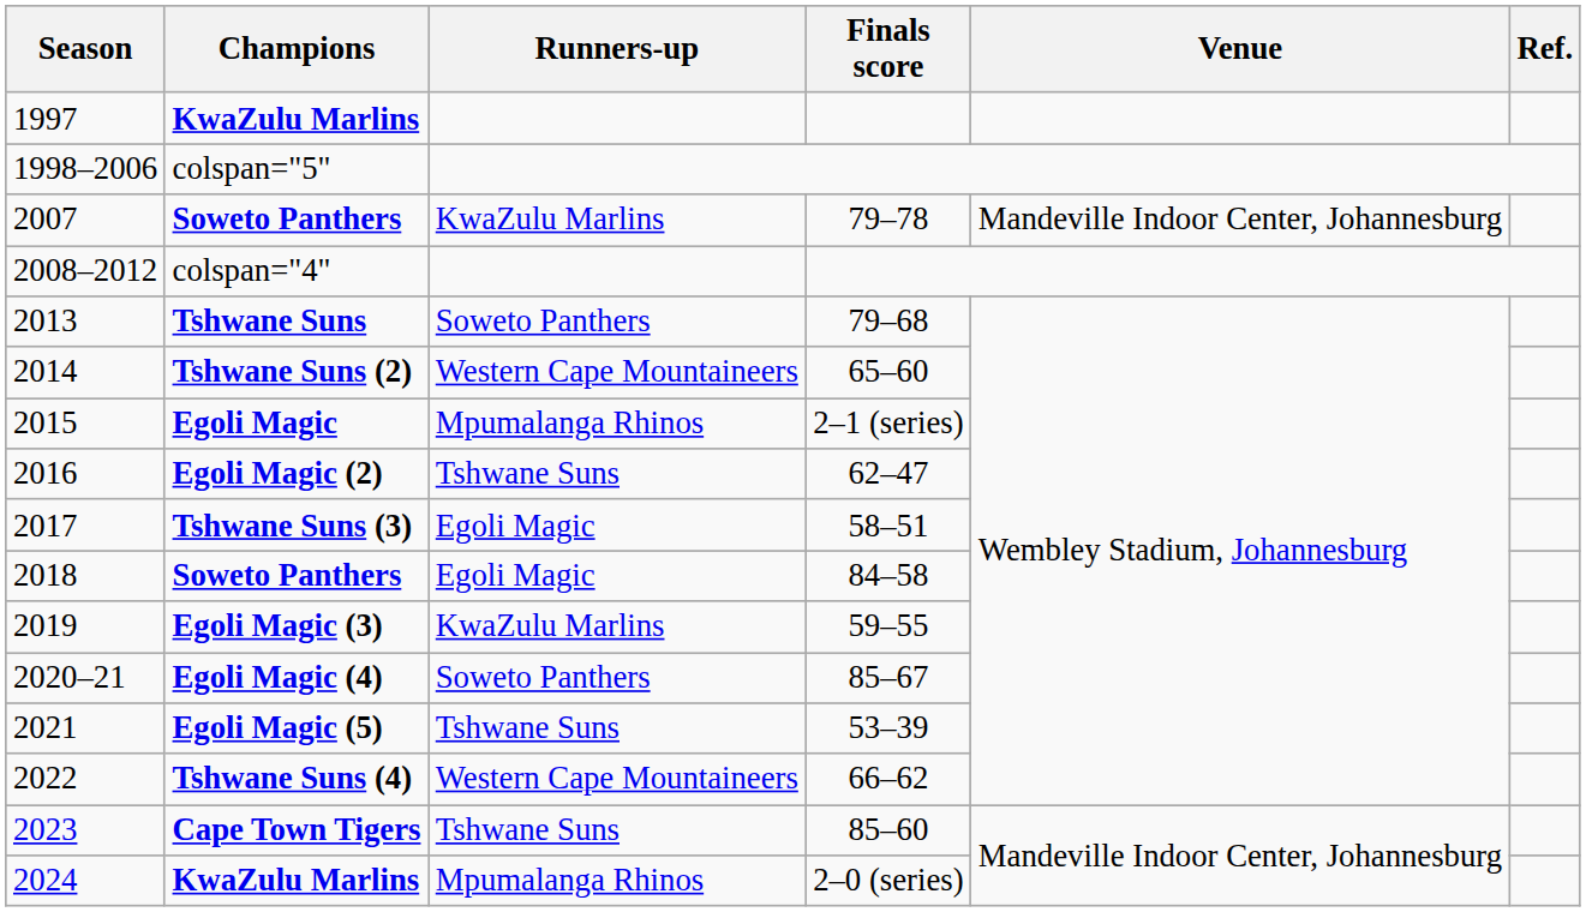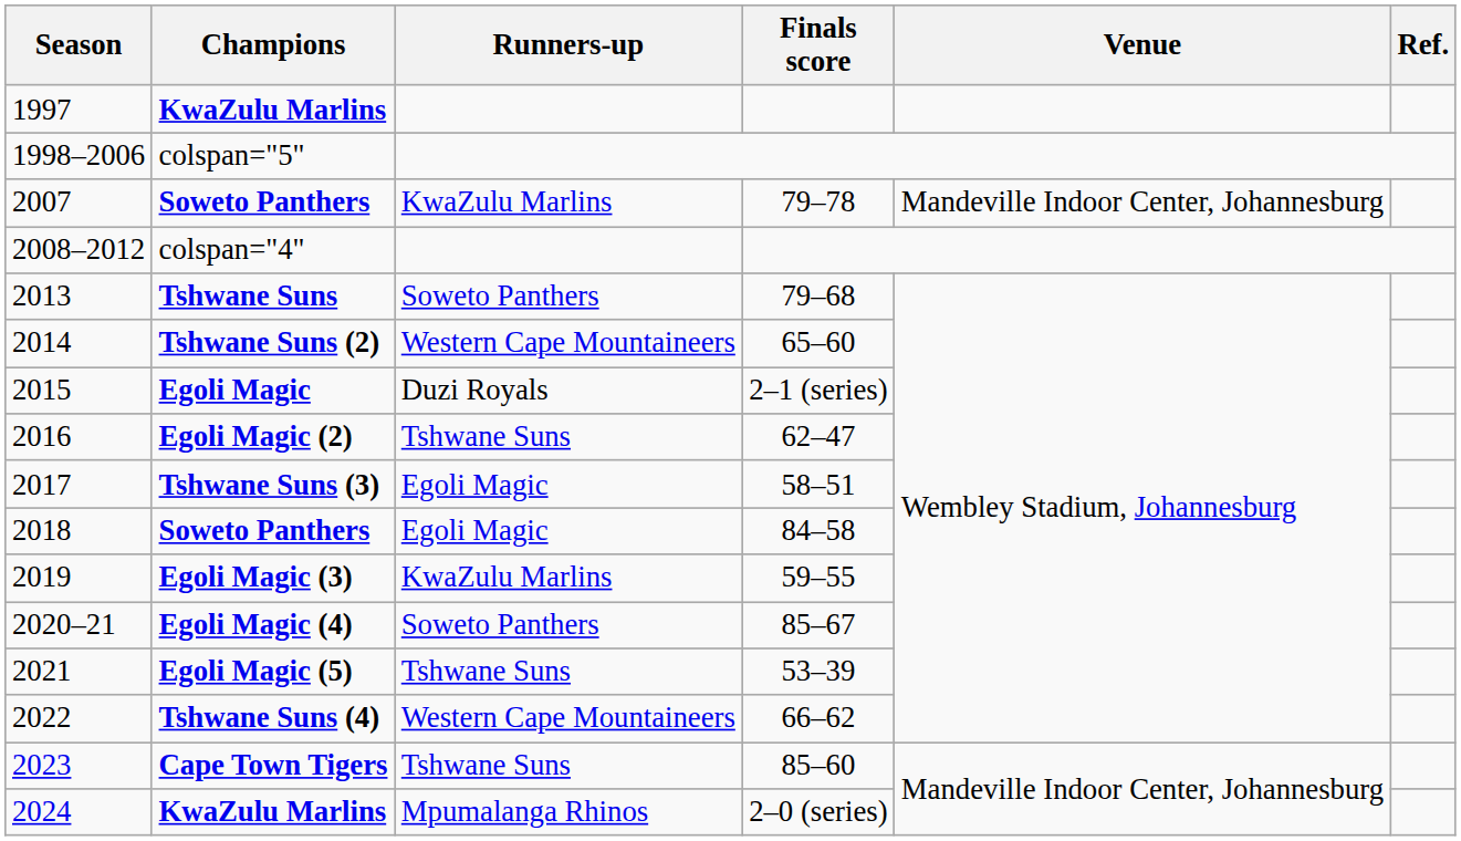 <table class="wikitable">
 <tr>
 <th>Season</th>
 <th>Champions</th>
 <th>Runners-up</th>
 <th>Finals<br>score</th>
 <th>Venue</th>
 <th>Ref.</th>
 </tr>
 <tr>
 <td>1997</td>
 <td><strong><a href='#'>KwaZulu Marlins</a></strong></td>
 <td></td>
 <td></td>
 <td></td>
 <td></td>
 </tr>
 <tr>
 <td>1998–2006</td>
 <td>colspan="5" </td>
 </tr>
 <tr>
 <td>2007</td>
 <td><strong><a href='#'>Soweto Panthers</a></strong></td>
 <td><a href='#'>KwaZulu Marlins</a></td>
 <td align="center">79–78</td>
 <td>Mandeville Indoor Center, Johannesburg</td>
 <td align="center"></td>
 </tr>
 <tr>
 <td>2008–2012</td>
 <td>colspan="4" </td>
 <td align="center"></td>
 </tr>
 <tr>
 <td>2013</td>
 <td><strong><a href='#'>Tshwane Suns</a></strong></td>
 <td><a href='#'>Soweto Panthers</a></td>
 <td align="center">79–68</td>
 <td rowspan="10">Wembley Stadium, <a href='#'>Johannesburg</a></td>
 <td align="center"></td>
 </tr>
 <tr>
 <td>2014</td>
 <td><strong><a href='#'>Tshwane Suns</a> (2)</strong></td>
 <td><a href='#'>Western Cape Mountaineers</a></td>
 <td align="center">65–60</td>
 <td align="center"></td>
 </tr>
 <tr>
 <td>2015</td>
 <td><strong><a href='#'>Egoli Magic</a></strong></td>
-<td><a href='#'>Mpumalanga Rhinos</a></td>
+<td>Duzi Royals</td>
 <td align="center">2–1 (series)</td>
 <td align="center"></td>
 </tr>
 <tr>
 <td>2016</td>
 <td><strong><a href='#'>Egoli Magic</a> (2)</strong></td>
 <td><a href='#'>Tshwane Suns</a></td>
 <td align="center">62–47</td>
 <td align="center"></td>
 </tr>
 <tr>
 <td>2017</td>
 <td><strong><a href='#'>Tshwane Suns</a> (3)</strong></td>
 <td><a href='#'>Egoli Magic</a></td>
 <td align="center">58–51</td>
 <td align="center"></td>
 </tr>
 <tr>
 <td>2018</td>
 <td><strong><a href='#'>Soweto Panthers</a></strong></td>
 <td><a href='#'>Egoli Magic</a></td>
 <td align="center">84–58</td>
 <td align="center"></td>
 </tr>
 <tr>
 <td>2019</td>
 <td><strong><a href='#'>Egoli Magic</a> (3)</strong></td>
 <td><a href='#'>KwaZulu Marlins</a></td>
 <td align="center">59–55</td>
 <td align="center"></td>
 </tr>
 <tr>
 <td>2020–21</td>
 <td><strong><a href='#'>Egoli Magic</a> (4)</strong></td>
 <td><a href='#'>Soweto Panthers</a></td>
 <td align="center">85–67</td>
 <td align="center"></td>
 </tr>
 <tr>
 <td>2021</td>
 <td><strong><a href='#'>Egoli Magic</a> (5)</strong></td>
 <td><a href='#'>Tshwane Suns</a></td>
 <td align="center">53–39</td>
 <td align="center"></td>
 </tr>
 <tr>
 <td>2022</td>
 <td><strong><a href='#'>Tshwane Suns</a> (4)</strong></td>
 <td><a href='#'>Western Cape Mountaineers</a></td>
 <td align="center">66–62</td>
 <td align="center"></td>
 </tr>
 <tr>
 <td><a href='#'>2023</a></td>
 <td><strong><a href='#'>Cape Town Tigers</a></strong></td>
 <td><a href='#'>Tshwane Suns</a></td>
 <td align="center">85–60</td>
 <td rowspan="2">Mandeville Indoor Center, Johannesburg</td>
 <td align="center"></td>
 </tr>
 <tr>
 <td><a href='#'>2024</a></td>
 <td><strong><a href='#'>KwaZulu Marlins</a></strong></td>
 <td><a href='#'>Mpumalanga Rhinos</a></td>
 <td>2–0 (series)</td>
 <td></td>
 </tr>
 </table>
